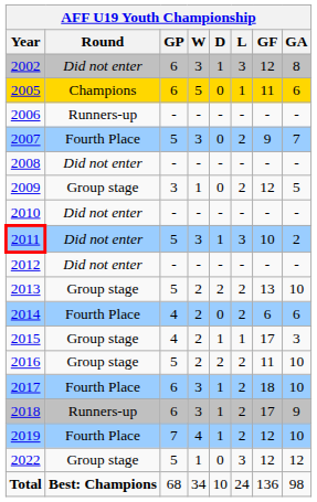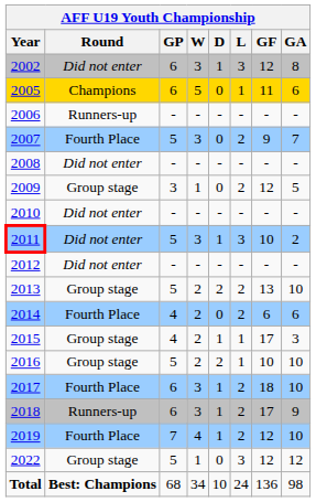 <table class="wikitable" style="text-align: center;font-size:90%;">
 <tr>
 <th colspan=8><a href='#'>AFF U19 Youth Championship</a></th>
 </tr>
 <tr>
 <th>Year</th>
 <th>Round</th>
 <th>GP</th>
 <th>W</th>
 <th>D</th>
 <th>L</th>
 <th>GF</th>
 <th>GA</th>
 </tr>
 <tr style="background:Silver;">
 <td> <a href='#'>2002</a></td>
 <td><em>Did not enter</em></td>
 <td>6</td>
 <td>3</td>
 <td>1</td>
 <td>3</td>
 <td>12</td>
 <td>8</td>
 </tr>
 <tr style="background:Gold;">
 <td> <a href='#'>2005</a></td>
 <td>Champions</td>
 <td>6</td>
 <td>5</td>
 <td>0</td>
 <td>1</td>
 <td>11</td>
 <td>6</td>
 </tr>
 <tr>
 <td> <a href='#'>2006</a></td>
 <td>Runners-up</td>
 <td>-</td>
 <td>-</td>
 <td>-</td>
 <td>-</td>
 <td>-</td>
 <td>-</td>
 </tr>
 <tr style="background-color:#9acdff;">
 <td> <a href='#'>2007</a></td>
 <td>Fourth Place</td>
 <td>5</td>
 <td>3</td>
 <td>0</td>
 <td>2</td>
 <td>9</td>
 <td>7</td>
 </tr>
 <tr>
 <td> <a href='#'>2008</a></td>
 <td><em>Did not enter</em></td>
 <td>-</td>
 <td>-</td>
 <td>-</td>
 <td>-</td>
 <td>-</td>
 <td>-</td>
 </tr>
 <tr>
 <td> <a href='#'>2009</a></td>
 <td>Group stage</td>
 <td>3</td>
 <td>1</td>
 <td>0</td>
 <td>2</td>
 <td>12</td>
 <td>5</td>
 </tr>
 <tr>
 <td> <a href='#'>2010</a></td>
 <td><em>Did not enter</em></td>
 <td>-</td>
 <td>-</td>
 <td>-</td>
 <td>-</td>
 <td>-</td>
 <td>-</td>
 </tr>
 <tr style="background-color:#9acdff;">
 <td style="border: 3px solid red"> <a href='#'>2011</a></td>
 <td><em>Did not enter</em></td>
 <td>5</td>
 <td>3</td>
 <td>1</td>
 <td>3</td>
 <td>10</td>
 <td>2</td>
 </tr>
 <tr>
 <td style=> <a href='#'>2012</a></td>
 <td><em>Did not enter</em></td>
 <td>-</td>
 <td>-</td>
 <td>-</td>
 <td>-</td>
 <td>-</td>
 <td>-</td>
 </tr>
 <tr>
 <td style=> <a href='#'>2013</a></td>
 <td>Group stage</td>
 <td>5</td>
 <td>2</td>
 <td>2</td>
 <td>2</td>
 <td>13</td>
 <td>10</td>
 </tr>
 <tr style="background-color:#9acdff;">
 <td style=> <a href='#'>2014</a></td>
 <td>Fourth Place</td>
 <td>4</td>
 <td>2</td>
 <td>0</td>
 <td>2</td>
 <td>6</td>
 <td>6</td>
 </tr>
 <tr>
 <td style=> <a href='#'>2015</a></td>
 <td>Group stage</td>
 <td>4</td>
 <td>2</td>
 <td>1</td>
 <td>1</td>
 <td>17</td>
 <td>3</td>
 </tr>
 <tr>
 <td style=> <a href='#'>2016</a></td>
 <td>Group stage</td>
 <td>5</td>
 <td>2</td>
 <td>2</td>
-<td>2</td>
-<td>11</td>
+<td>1</td>
+<td>10</td>
 <td>10</td>
 </tr>
 <tr style="background-color:#9acdff;">
 <td style=> <a href='#'>2017</a></td>
 <td>Fourth Place</td>
 <td>6</td>
 <td>3</td>
 <td>1</td>
 <td>2</td>
 <td>18</td>
 <td>10</td>
 </tr>
 <tr style="background:Silver;">
 <td style=> <a href='#'>2018</a></td>
 <td>Runners-up</td>
 <td>6</td>
 <td>3</td>
 <td>1</td>
 <td>2</td>
 <td>17</td>
 <td>9</td>
 </tr>
 <tr style="background-color:#9acdff">
 <td style=> <a href='#'>2019</a></td>
 <td>Fourth Place</td>
 <td>7</td>
 <td>4</td>
 <td>1</td>
 <td>2</td>
 <td>12</td>
 <td>10</td>
 </tr>
 <tr>
 <td style=> <a href='#'>2022</a></td>
 <td>Group stage</td>
 <td>5</td>
 <td>1</td>
 <td>0</td>
 <td>3</td>
 <td>12</td>
 <td>12</td>
 </tr>
 <tr>
 <td><strong>Total</strong></td>
 <td><strong>Best: Champions</strong></td>
 <td>68</td>
 <td>34</td>
 <td>10</td>
 <td>24</td>
 <td>136</td>
 <td>98</td>
 </tr>
 </table>
